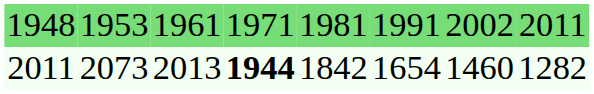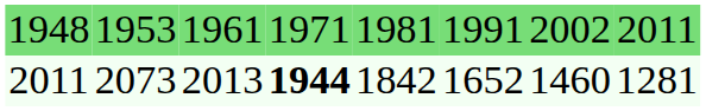 <table align="center" cellspacing="0" style="background:#f3fff3">
 <tr bgcolor="#77dd77">
 <td align="center">1948</td>
 <td align="center">1953</td>
 <td align="center">1961</td>
 <td align="center">1971</td>
 <td align="center">1981</td>
 <td align="center">1991</td>
 <td align="center">2002</td>
 <td align="center">2011</td>
 </tr>
 <tr>
 <td align="center">2011</td>
 <td align="center">2073</td>
 <td align="center">2013</td>
 <td align="center"><strong>1944</strong></td>
 <td align="center">1842</td>
-<td align="center">1654</td>
+<td align="center">1652</td>
 <td align="center">1460</td>
-<td align="center">1282</td>
+<td align="center">1281</td>
 </tr>
 </table>
